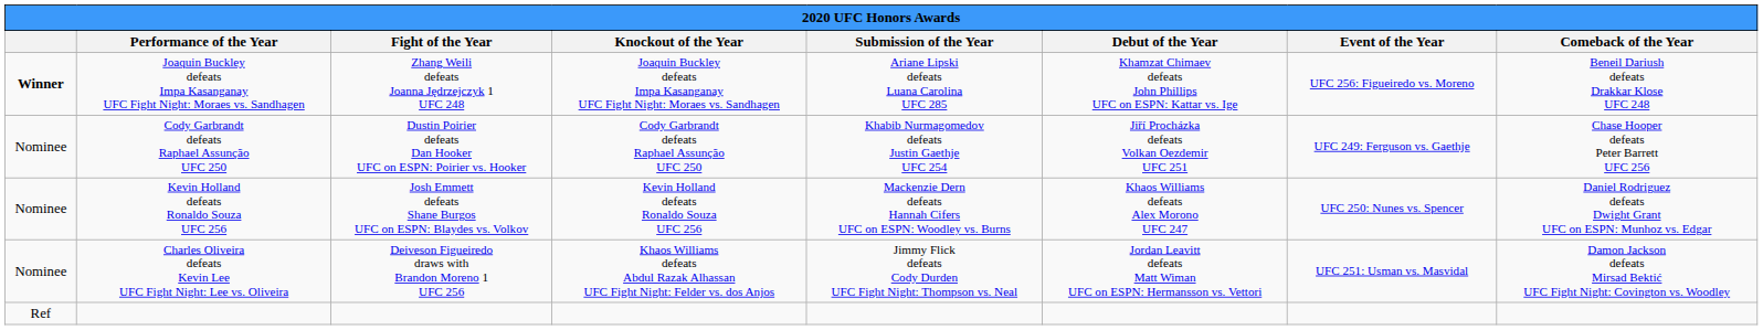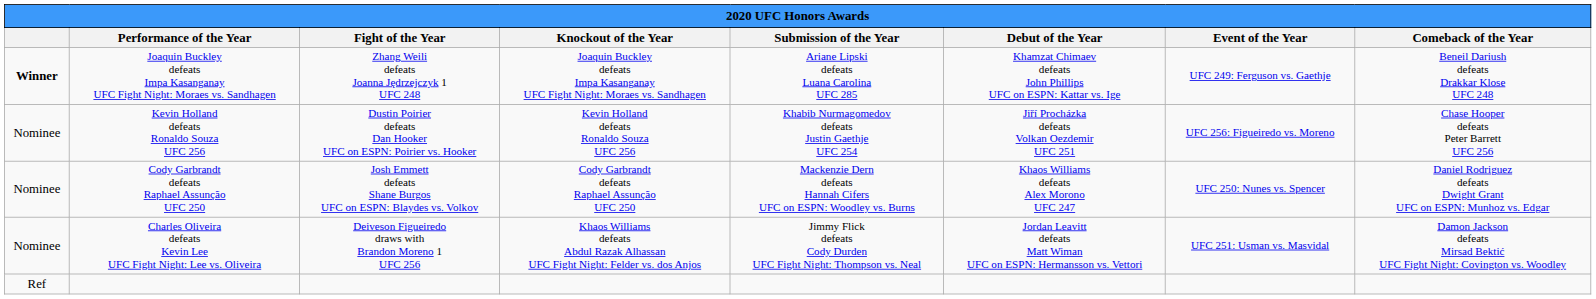 <table class="wikitable" width="100%" style="text-align:Center">
 <tr>
 <th colspan="8" style="border: 1px solid black; padding: 5px; background: #3B99FA;">2020 UFC Honors Awards</th>
 </tr>
 <tr>
 <th></th>
 <th>Performance of the Year</th>
 <th>Fight of the Year</th>
 <th>Knockout of the Year</th>
 <th>Submission of the Year</th>
 <th>Debut of the Year</th>
 <th>Event of the Year</th>
 <th>Comeback of the Year</th>
 </tr>
 <tr>
 <td><strong>Winner</strong></td>
 <td style="font-size:87%"><a href='#'>Joaquin Buckley</a> <br> defeats <br> <a href='#'>Impa Kasanganay</a> <br> <a href='#'>UFC Fight Night: Moraes vs. Sandhagen</a></td>
 <td style="font-size:87%"><a href='#'>Zhang Weili</a> <br> defeats <br> <a href='#'>Joanna Jędrzejczyk</a> 1 <br> <a href='#'>UFC 248</a></td>
 <td style="font-size:87%"><a href='#'>Joaquin Buckley</a> <br> defeats <br> <a href='#'>Impa Kasanganay</a> <br> <a href='#'>UFC Fight Night: Moraes vs. Sandhagen</a></td>
 <td style="font-size:87%"><a href='#'>Ariane Lipski</a> <br> defeats <br> <a href='#'>Luana Carolina</a> <br> <a href='#'>UFC 285</a></td>
 <td style="font-size:87%"><a href='#'>Khamzat Chimaev</a> <br> defeats <br> <a href='#'>John Phillips</a> <br> <a href='#'>UFC on ESPN: Kattar vs. Ige</a></td>
-<td style="font-size:87%"><a href='#'>UFC 256: Figueiredo vs. Moreno</a></td>
+<td style="font-size:87%"><a href='#'>UFC 249: Ferguson vs. Gaethje</a></td>
 <td style="font-size:87%"><a href='#'>Beneil Dariush</a> <br> defeats <br> <a href='#'>Drakkar Klose</a> <br> <a href='#'>UFC 248</a></td>
 </tr>
 <tr>
 <td>Nominee</td>
-<td style="font-size:87%"><a href='#'>Cody Garbrandt</a> <br> defeats <br> <a href='#'>Raphael Assunção</a> <br> <a href='#'>UFC 250</a></td>
+<td style="font-size:87%"><a href='#'>Kevin Holland</a> <br> defeats <br> <a href='#'>Ronaldo Souza</a> <br> <a href='#'>UFC 256</a></td>
 <td style="font-size:87%"><a href='#'>Dustin Poirier</a> <br> defeats <br> <a href='#'>Dan Hooker</a> <br> <a href='#'>UFC on ESPN: Poirier vs. Hooker</a></td>
-<td style="font-size:87%"><a href='#'>Cody Garbrandt</a> <br> defeats <br> <a href='#'>Raphael Assunção</a> <br> <a href='#'>UFC 250</a></td>
+<td style="font-size:87%"><a href='#'>Kevin Holland</a> <br> defeats <br> <a href='#'>Ronaldo Souza</a> <br> <a href='#'>UFC 256</a></td>
 <td style="font-size:87%"><a href='#'>Khabib Nurmagomedov</a> <br> defeats <br> <a href='#'>Justin Gaethje</a> <br> <a href='#'>UFC 254</a></td>
 <td style="font-size:87%"><a href='#'>Jiří Procházka</a> <br> defeats <br> <a href='#'>Volkan Oezdemir</a> <br> <a href='#'>UFC 251</a></td>
-<td style="font-size:87%"><a href='#'>UFC 249: Ferguson vs. Gaethje</a></td>
+<td style="font-size:87%"><a href='#'>UFC 256: Figueiredo vs. Moreno</a></td>
 <td style="font-size:87%"><a href='#'>Chase Hooper</a> <br> defeats <br> Peter Barrett <br> <a href='#'>UFC 256</a></td>
 </tr>
 <tr>
 <td>Nominee</td>
-<td style="font-size:87%"><a href='#'>Kevin Holland</a> <br> defeats <br> <a href='#'>Ronaldo Souza</a> <br> <a href='#'>UFC 256</a></td>
+<td style="font-size:87%"><a href='#'>Cody Garbrandt</a> <br> defeats <br> <a href='#'>Raphael Assunção</a> <br> <a href='#'>UFC 250</a></td>
 <td style="font-size:87%"><a href='#'>Josh Emmett</a> <br> defeats <br> <a href='#'>Shane Burgos</a> <br> <a href='#'>UFC on ESPN: Blaydes vs. Volkov</a></td>
-<td style="font-size:87%"><a href='#'>Kevin Holland</a> <br> defeats <br> <a href='#'>Ronaldo Souza</a> <br> <a href='#'>UFC 256</a></td>
+<td style="font-size:87%"><a href='#'>Cody Garbrandt</a> <br> defeats <br> <a href='#'>Raphael Assunção</a> <br> <a href='#'>UFC 250</a></td>
 <td style="font-size:87%"><a href='#'>Mackenzie Dern</a> <br> defeats <br> <a href='#'>Hannah Cifers</a> <br> <a href='#'>UFC on ESPN: Woodley vs. Burns</a></td>
 <td style="font-size:87%"><a href='#'>Khaos Williams</a> <br> defeats <br> <a href='#'>Alex Morono</a> <br> <a href='#'>UFC 247</a></td>
 <td style="font-size:87%"><a href='#'>UFC 250: Nunes vs. Spencer</a></td>
 <td style="font-size:87%"><a href='#'>Daniel Rodriguez</a> <br> defeats <br> <a href='#'>Dwight Grant</a> <br> <a href='#'>UFC on ESPN: Munhoz vs. Edgar</a></td>
 </tr>
 <tr>
 <td>Nominee</td>
 <td style="font-size:87%"><a href='#'>Charles Oliveira</a> <br> defeats <br> <a href='#'>Kevin Lee</a> <br> <a href='#'>UFC Fight Night: Lee vs. Oliveira</a></td>
 <td style="font-size:87%"><a href='#'>Deiveson Figueiredo</a> <br> draws with <br> <a href='#'>Brandon Moreno</a> 1 <br> <a href='#'>UFC 256</a></td>
 <td style="font-size:87%"><a href='#'>Khaos Williams</a> <br> defeats <br> <a href='#'>Abdul Razak Alhassan</a> <br> <a href='#'>UFC Fight Night: Felder vs. dos Anjos</a></td>
 <td style="font-size:87%">Jimmy Flick <br> defeats <br> <a href='#'>Cody Durden</a> <br> <a href='#'>UFC Fight Night: Thompson vs. Neal</a></td>
 <td style="font-size:87%"><a href='#'>Jordan Leavitt</a> <br> defeats <br> <a href='#'>Matt Wiman</a> <br> <a href='#'>UFC on ESPN: Hermansson vs. Vettori</a></td>
 <td style="font-size:87%"><a href='#'>UFC 251: Usman vs. Masvidal</a></td>
 <td style="font-size:87%"><a href='#'>Damon Jackson</a> <br> defeats <br> <a href='#'>Mirsad Bektić</a> <br> <a href='#'>UFC Fight Night: Covington vs. Woodley</a></td>
 </tr>
 <tr>
 <td>Ref</td>
 <td></td>
 <td></td>
 <td></td>
 <td></td>
 <td></td>
 <td></td>
 <td></td>
 </tr>
 </table>
